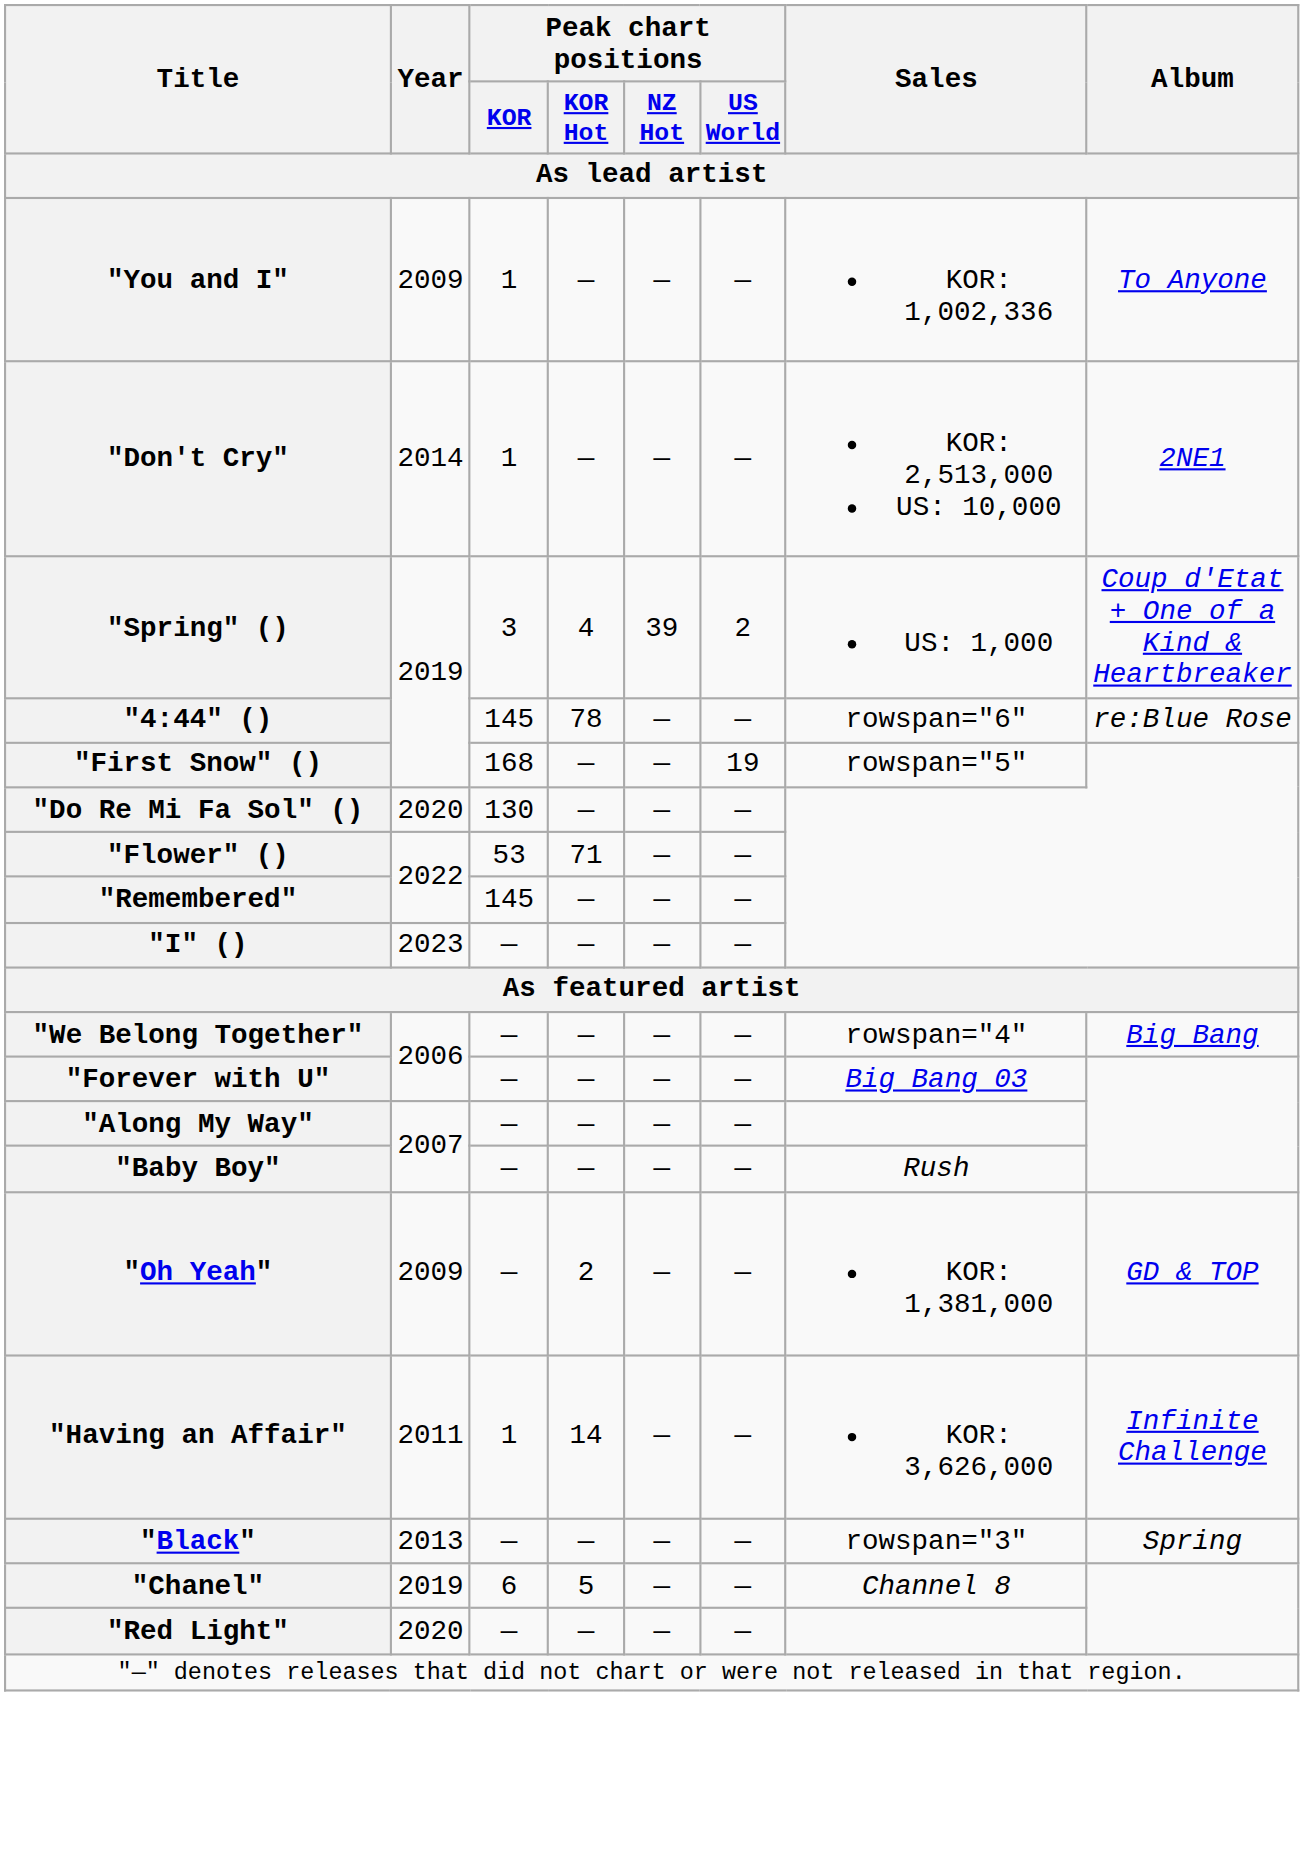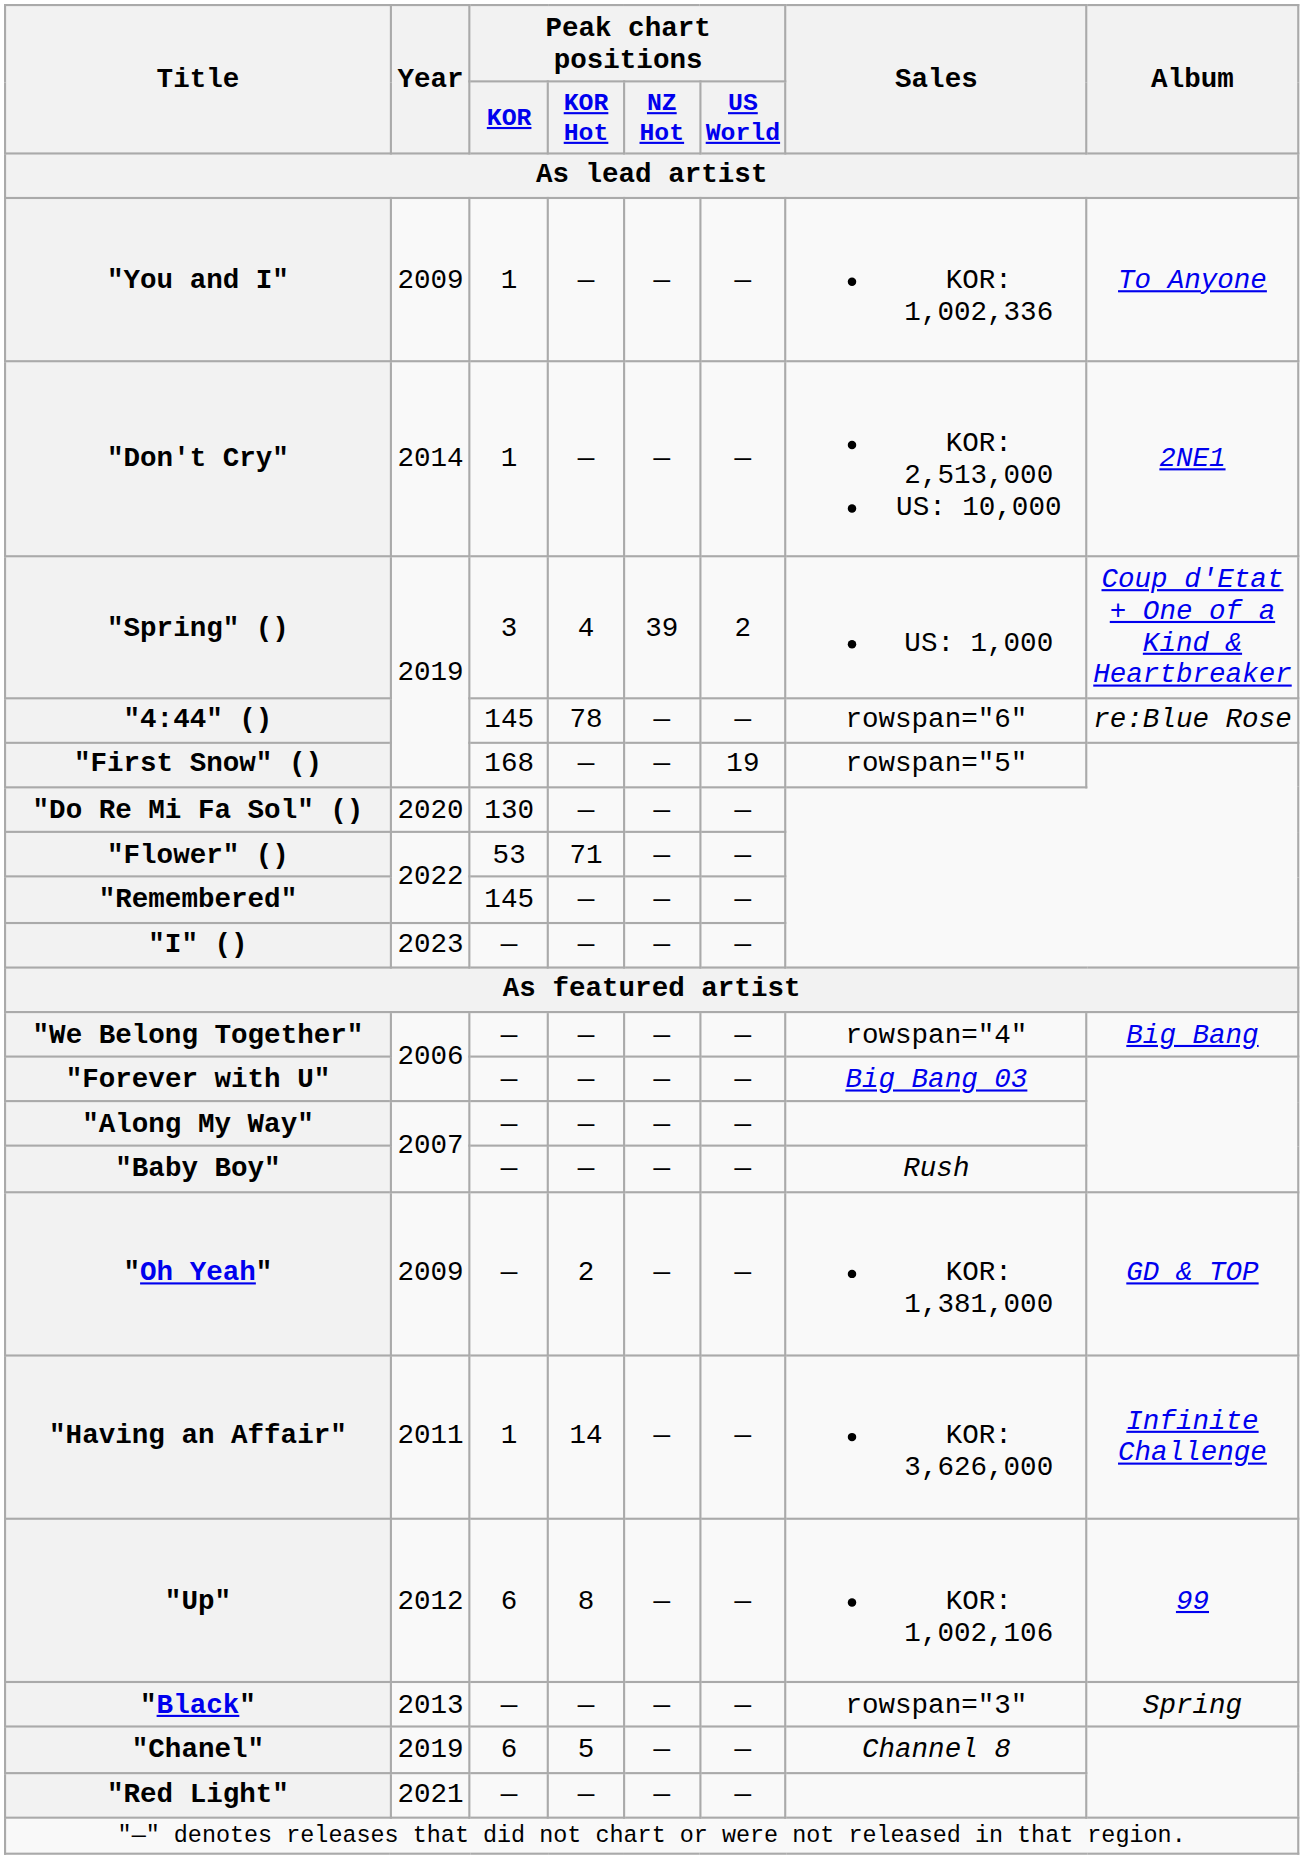 <table class="wikitable plainrowheaders" style="text-align:center">
 <tr>
 <th scope="col" rowspan="2" style="width:17em">Title</th>
 <th scope="col" rowspan="2">Year</th>
 <th scope="col" colspan="4">Peak chart positions</th>
 <th scope="col" rowspan="2" style="width:11.5em">Sales</th>
 <th scope="col" rowspan="2">Album</th>
 </tr>
 <tr>
 <th scope="col" style="width:3em;font-size:90%"><a href='#'>KOR</a><br></th>
 <th scope="col" style="width:3em;font-size:90%"><a href='#'>KOR Hot</a><br></th>
 <th scope="col" style="width:3em;font-size:90%"><a href='#'>NZ Hot</a><br></th>
 <th scope="col" style="width:3em;font-size:90%"><a href='#'>US World</a><br></th>
 </tr>
 <tr>
 <th colspan="8">As lead artist</th>
 </tr>
 <tr>
 <th scope="row">"You and I"</th>
 <td>2009</td>
 <td>1</td>
 <td>—</td>
 <td>—</td>
 <td>—</td>
 <td><br><ul><li>KOR: 1,002,336</li></ul></td>
 <td><em><a href='#'>To Anyone</a></em></td>
 </tr>
 <tr>
 <th scope="row">"Don't Cry"</th>
 <td>2014</td>
 <td>1</td>
 <td>—</td>
 <td>—</td>
 <td>—</td>
 <td><br><ul><li>KOR: 2,513,000</li><li>US: 10,000</li></ul></td>
 <td><em><a href='#'>2NE1</a></em></td>
 </tr>
 <tr>
 <th scope="row">"Spring" () <br> </th>
 <td rowspan="3">2019</td>
 <td>3</td>
 <td>4</td>
 <td>39</td>
 <td>2</td>
 <td><br><ul><li>US: 1,000</li></ul></td>
 <td><em><a href='#'>Coup d'Etat + One of a Kind & Heartbreaker</a></em></td>
 </tr>
 <tr>
 <th scope="row">"4:44" () <br> </th>
 <td>145</td>
 <td>78</td>
 <td>—</td>
 <td>—</td>
 <td>rowspan="6" </td>
 <td><em>re:Blue Rose</em></td>
 </tr>
 <tr>
 <th scope="row">"First Snow" ()<br></th>
 <td>168</td>
 <td>—</td>
 <td>—</td>
 <td>19</td>
 <td>rowspan="5" </td>
 </tr>
 <tr>
 <th scope="row">"Do Re Mi Fa Sol" ()<br></th>
 <td>2020</td>
 <td>130</td>
 <td>—</td>
 <td>—</td>
 <td>—</td>
 </tr>
 <tr>
 <th scope="row">"Flower" () <br></th>
 <td rowspan="2">2022</td>
 <td>53</td>
 <td>71</td>
 <td>—</td>
 <td>—</td>
 </tr>
 <tr>
 <th scope="row">"Remembered"</th>
 <td>145</td>
 <td>—</td>
 <td>—</td>
 <td>—</td>
 </tr>
 <tr>
 <th scope="row">"I" () <br></th>
 <td>2023</td>
 <td>—</td>
 <td>—</td>
 <td>—</td>
 <td>—</td>
 </tr>
 <tr>
 <th colspan="8">As featured artist</th>
 </tr>
 <tr>
 <th scope="row">"We Belong Together" <br> </th>
 <td rowspan="2">2006</td>
 <td>—</td>
 <td>—</td>
 <td>—</td>
 <td>—</td>
 <td>rowspan="4" </td>
 <td><em><a href='#'>Big Bang</a></em></td>
 </tr>
 <tr>
 <th scope="row">"Forever with U" <br> </th>
 <td>—</td>
 <td>—</td>
 <td>—</td>
 <td>—</td>
 <td><em><a href='#'>Big Bang 03</a></em></td>
 </tr>
 <tr>
 <th scope="row">"Along My Way" <br> </th>
 <td rowspan="2">2007</td>
 <td>—</td>
 <td>—</td>
 <td>—</td>
 <td>—</td>
 <td></td>
 </tr>
 <tr>
 <th scope="row">"Baby Boy" </th>
 <td>—</td>
 <td>—</td>
 <td>—</td>
 <td>—</td>
 <td><em>Rush</em></td>
 </tr>
 <tr>
 <th scope="row">"<a href='#'>Oh Yeah</a>" <br> </th>
 <td>2009</td>
 <td>—</td>
 <td>2</td>
 <td>—</td>
 <td>—</td>
 <td><br><ul><li>KOR: 1,381,000</li></ul></td>
 <td><em><a href='#'>GD & TOP</a></em></td>
 </tr>
 <tr>
 <th scope="row">"Having an Affair" </th>
 <td>2011</td>
 <td>1</td>
 <td>14</td>
 <td>—</td>
 <td>—</td>
 <td><br><ul><li>KOR: 3,626,000</li></ul></td>
 <td><em><a href='#'>Infinite Challenge</a></em></td>
 </tr>
 <tr>
+<th scope="row">"Up" </th>
+<td>2012</td>
+<td>6</td>
+<td>8</td>
+<td>—</td>
+<td>—</td>
+<td><br><ul><li>KOR: 1,002,106</li></ul></td>
+<td><em><a href='#'>99</a></em></td>
+</tr>
+<tr>
 <th scope="row">"<a href='#'>Black</a>"  </th>
 <td>2013</td>
 <td>—</td>
 <td>—</td>
 <td>—</td>
 <td>—</td>
 <td>rowspan="3" </td>
 <td><em>Spring</em></td>
 </tr>
 <tr>
 <th scope="row">"Chanel" </th>
 <td>2019</td>
 <td>6</td>
 <td>5</td>
 <td>—</td>
 <td>—</td>
 <td><em>Channel 8</em></td>
 </tr>
 <tr>
 <th scope="row">"Red Light" <br> </th>
-<td>2020</td>
+<td>2021</td>
 <td>—</td>
 <td>—</td>
 <td>—</td>
 <td>—</td>
 <td></td>
 </tr>
 <tr>
 <td colspan="8" style="font-size:85%">"—" denotes releases that did not chart or were not released in that region.</td>
 </tr>
 </table>
